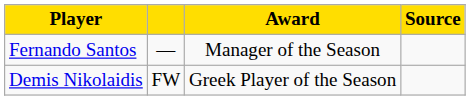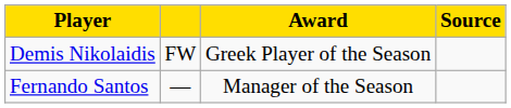 <table class="wikitable">
 <tr>
 <th style="background:#FFDE00">Player</th>
 <th style="background:#FFDE00"></th>
 <th style="background:#FFDE00">Award</th>
 <th style="background:#FFDE00">Source</th>
 </tr>
 <tr>
+<td> <a href='#'>Demis Nikolaidis</a></td>
+<td align="center">FW</td>
+<td align="center">Greek Player of the Season</td>
+<td align="center"></td>
+</tr>
+<tr>
 <td> <a href='#'>Fernando Santos</a></td>
 <td align="center">—</td>
 <td align="center">Manager of the Season</td>
 <td align="center"></td>
 </tr>
-<tr>
-<td> <a href='#'>Demis Nikolaidis</a></td>
-<td align="center">FW</td>
-<td align="center">Greek Player of the Season</td>
-<td align="center"></td>
-</tr>
 </table>
